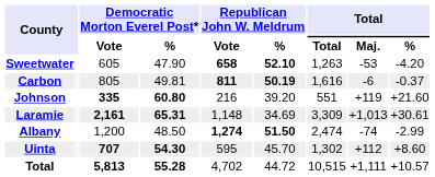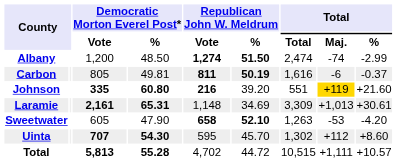 <table class="toccolours sortable" style="text-align:center;">
 <tr style="background:lavender">
 <th rowspan="3" colspan="2">County</th>
 <th colspan=2><a href='#'>Democratic</a><br><a href='#'>Morton Everel Post</a>*</th>
 <th colspan=2><a href='#'>Republican</a><br><a href='#'>John W. Meldrum</a></th>
 <th colspan=3>Total</th>
 </tr>
 <tr>
 <th colspan=2 style="background-color:"></th>
 <th colspan=2 style="background-color:"></th>
 <th colspan=3 style="background-color:#000000"></th>
 </tr>
 <tr>
 <th align="center">Vote</th>
 <th align="center">%</th>
 <th align="center">Vote</th>
 <th align="center">%</th>
 <th align="center">Total</th>
 <th align="center">Maj.</th>
 <th align="center">%</th>
 </tr>
 <tr>
-<th><a href='#'>Sweetwater</a></th>
+<th><a href='#'>Albany</a></th>
 <td style="background-color:"></td>
-<td>605</td>
-<td>47.90</td>
-<td><strong>658</strong></td>
-<td><strong>52.10</strong></td>
-<td>1,263</td>
-<td>-53</td>
-<td>-4.20</td>
+<td>1,200</td>
+<td>48.50</td>
+<td><strong>1,274</strong></td>
+<td><strong>51.50</strong></td>
+<td>2,474</td>
+<td>-74</td>
+<td>-2.99</td>
 </tr>
 <tr style="background:#EEEEEE;">
 <th><a href='#'>Carbon</a></th>
 <td style="background-color:"></td>
 <td>805</td>
 <td>49.81</td>
 <td><strong>811</strong></td>
 <td><strong>50.19</strong></td>
 <td>1,616</td>
 <td>-6</td>
 <td>-0.37</td>
 </tr>
 <tr>
 <th><a href='#'>Johnson</a></th>
 <td style="background-color:"></td>
 <td><strong>335</strong></td>
 <td><strong>60.80</strong></td>
-<td>216</td>
+<td><strong>216</strong></td>
 <td>39.20</td>
 <td>551</td>
-<td>+119</td>
+<td style="background: gold;">+119</td>
 <td>+21.60</td>
 </tr>
 <tr style="background:#EEEEEE;">
 <th><a href='#'>Laramie</a></th>
 <td style="background-color:"></td>
 <td><strong>2,161</strong></td>
 <td><strong>65.31	</strong></td>
 <td>1,148</td>
 <td>34.69</td>
 <td>3,309</td>
 <td>+1,013</td>
 <td>+30.61</td>
 </tr>
 <tr>
-<th><a href='#'>Albany</a></th>
+<th><a href='#'>Sweetwater</a></th>
 <td style="background-color:"></td>
-<td>1,200</td>
-<td>48.50</td>
-<td><strong>1,274</strong></td>
-<td><strong>51.50</strong></td>
-<td>2,474</td>
-<td>-74</td>
-<td>-2.99</td>
+<td>605</td>
+<td>47.90</td>
+<td><strong>658</strong></td>
+<td><strong>52.10</strong></td>
+<td>1,263</td>
+<td>-53</td>
+<td>-4.20</td>
 </tr>
 <tr style="background:#EEEEEE;">
 <th><a href='#'>Uinta</a></th>
 <td style="background-color:"></td>
 <td><strong>707</strong></td>
 <td><strong>54.30</strong></td>
 <td>595</td>
 <td>45.70</td>
 <td>1,302</td>
 <td>+112</td>
 <td>+8.60</td>
 </tr>
 <tr>
 <th>Total</th>
 <td style="background-color:"></td>
 <td><strong>5,813</strong></td>
 <td><strong>55.28</strong></td>
 <td>4,702</td>
 <td>44.72</td>
 <td>10,515</td>
 <td>+1,111</td>
 <td>+10.57</td>
 </tr>
 </table>
